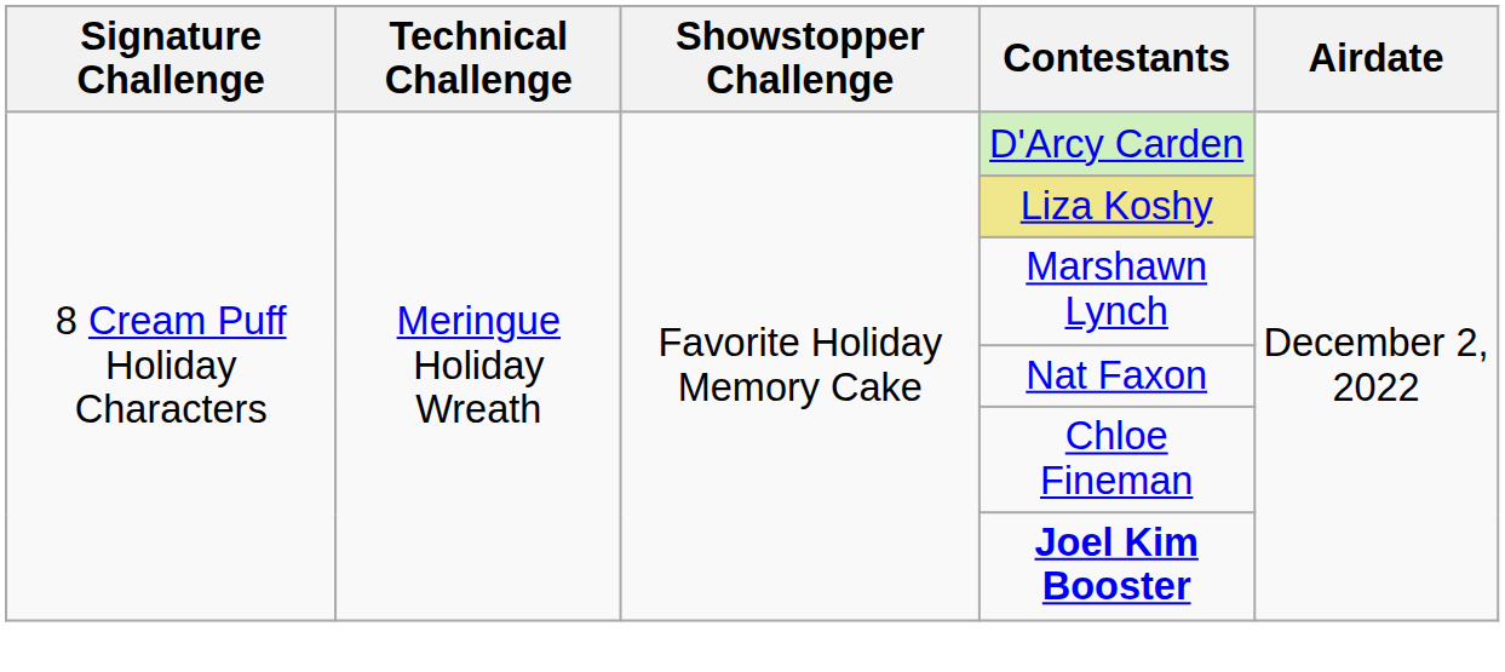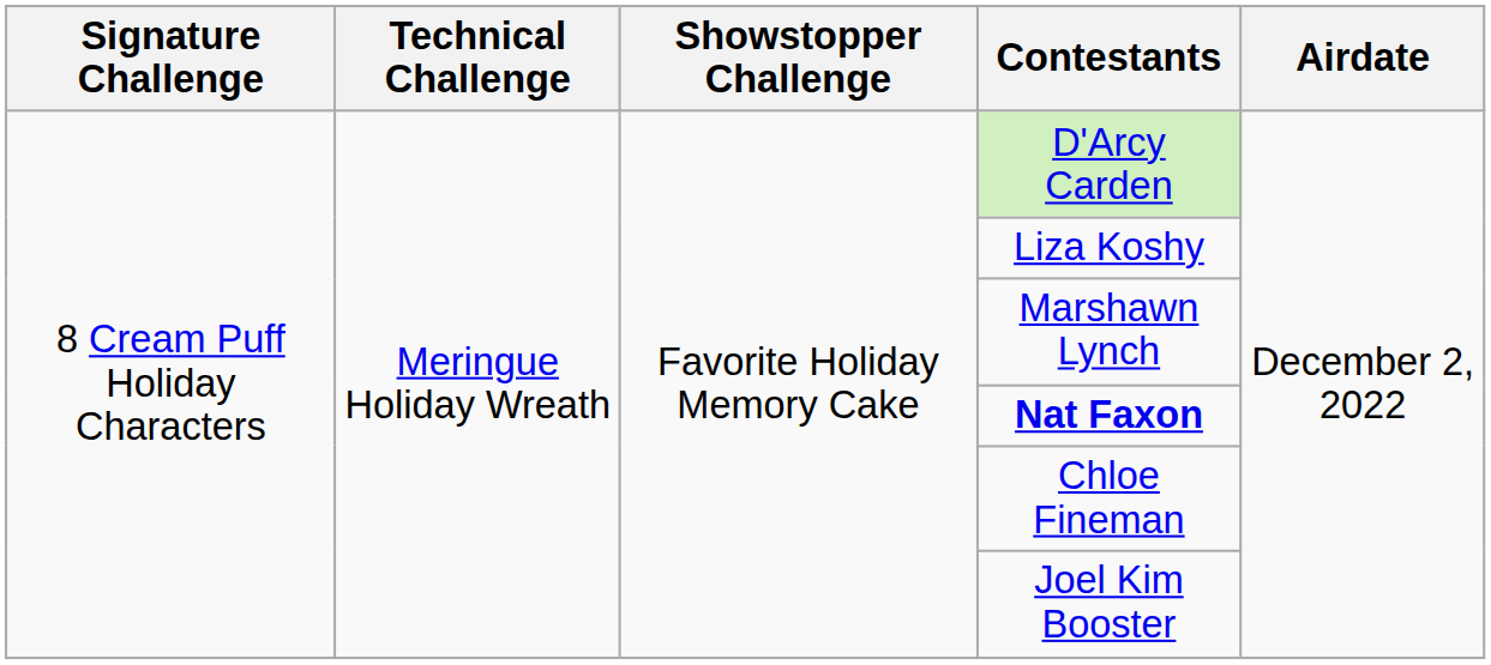 <table class="wikitable" style="text-align:center;">
 <tr>
 <th scope="col">Signature Challenge</th>
 <th scope="col">Technical Challenge</th>
 <th scope="col">Showstopper Challenge</th>
 <th scope="col">Contestants</th>
 <th scope="col">Airdate</th>
 </tr>
 <tr>
 <td rowspan=6>8 <a href='#'>Cream Puff</a> Holiday Characters</td>
 <td rowspan=6><a href='#'>Meringue</a> Holiday Wreath</td>
 <td rowspan=6>Favorite Holiday Memory Cake</td>
 <td style="background:#d0f0c0"><a href='#'>D'Arcy Carden</a></td>
 <td rowspan=6>December 2, 2022</td>
 </tr>
 <tr>
-<td style="background: khaki;"><a href='#'>Liza Koshy</a></td>
+<td><a href='#'>Liza Koshy</a></td>
 </tr>
 <tr>
 <td><a href='#'>Marshawn Lynch</a></td>
 </tr>
 <tr>
-<td><a href='#'>Nat Faxon</a></td>
+<td><strong><a href='#'>Nat Faxon</a></strong></td>
 </tr>
 <tr>
 <td><a href='#'>Chloe Fineman</a></td>
 </tr>
 <tr>
-<td><strong><a href='#'>Joel Kim Booster</a></strong></td>
+<td><a href='#'>Joel Kim Booster</a></td>
 </tr>
 </table>
